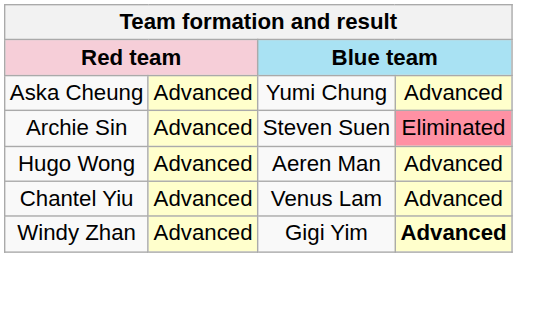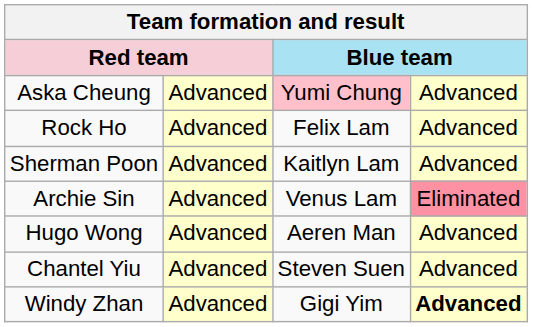 <table class="wikitable unsortable plainrowheaders" style="text-align:center; line-height:18px;">
 <tr>
 <th scope="col" colspan="4">Team formation and result</th>
 </tr>
 <tr>
 <th scope="col" colspan="2" style="background:#F6CED8;">Red team</th>
 <th scope="col" colspan="2" style="background:#A9E2F3;">Blue team</th>
 </tr>
 <tr>
 <td>Aska Cheung</td>
 <td style="background:#FFFFCC;">Advanced</td>
-<td>Yumi Chung</td>
+<td style="background: pink;">Yumi Chung</td>
+<td style="background:#FFFFCC;">Advanced</td>
+</tr>
+<tr>
+<td>Rock Ho</td>
+<td style="background:#FFFFCC;">Advanced</td>
+<td>Felix Lam</td>
+<td style="background:#FFFFCC;">Advanced</td>
+</tr>
+<tr>
+<td>Sherman Poon</td>
+<td style="background:#FFFFCC;">Advanced</td>
+<td>Kaitlyn Lam</td>
 <td style="background:#FFFFCC;">Advanced</td>
 </tr>
 <tr>
 <td>Archie Sin</td>
 <td style="background:#FFFFCC;">Advanced</td>
-<td>Steven Suen</td>
+<td>Venus Lam</td>
 <td style="background:#FF91A4;">Eliminated</td>
 </tr>
 <tr>
 <td>Hugo Wong</td>
 <td style="background:#FFFFCC;">Advanced</td>
 <td>Aeren Man</td>
 <td style="background:#FFFFCC;">Advanced</td>
 </tr>
 <tr>
 <td>Chantel Yiu</td>
 <td style="background:#FFFFCC;">Advanced</td>
-<td>Venus Lam</td>
+<td>Steven Suen</td>
 <td style="background:#FFFFCC;">Advanced</td>
 </tr>
 <tr>
 <td>Windy Zhan</td>
 <td style="background:#FFFFCC;">Advanced</td>
 <td>Gigi Yim</td>
 <td style="background:#FFFFCC;"><strong>Advanced</strong></td>
 </tr>
 </table>
